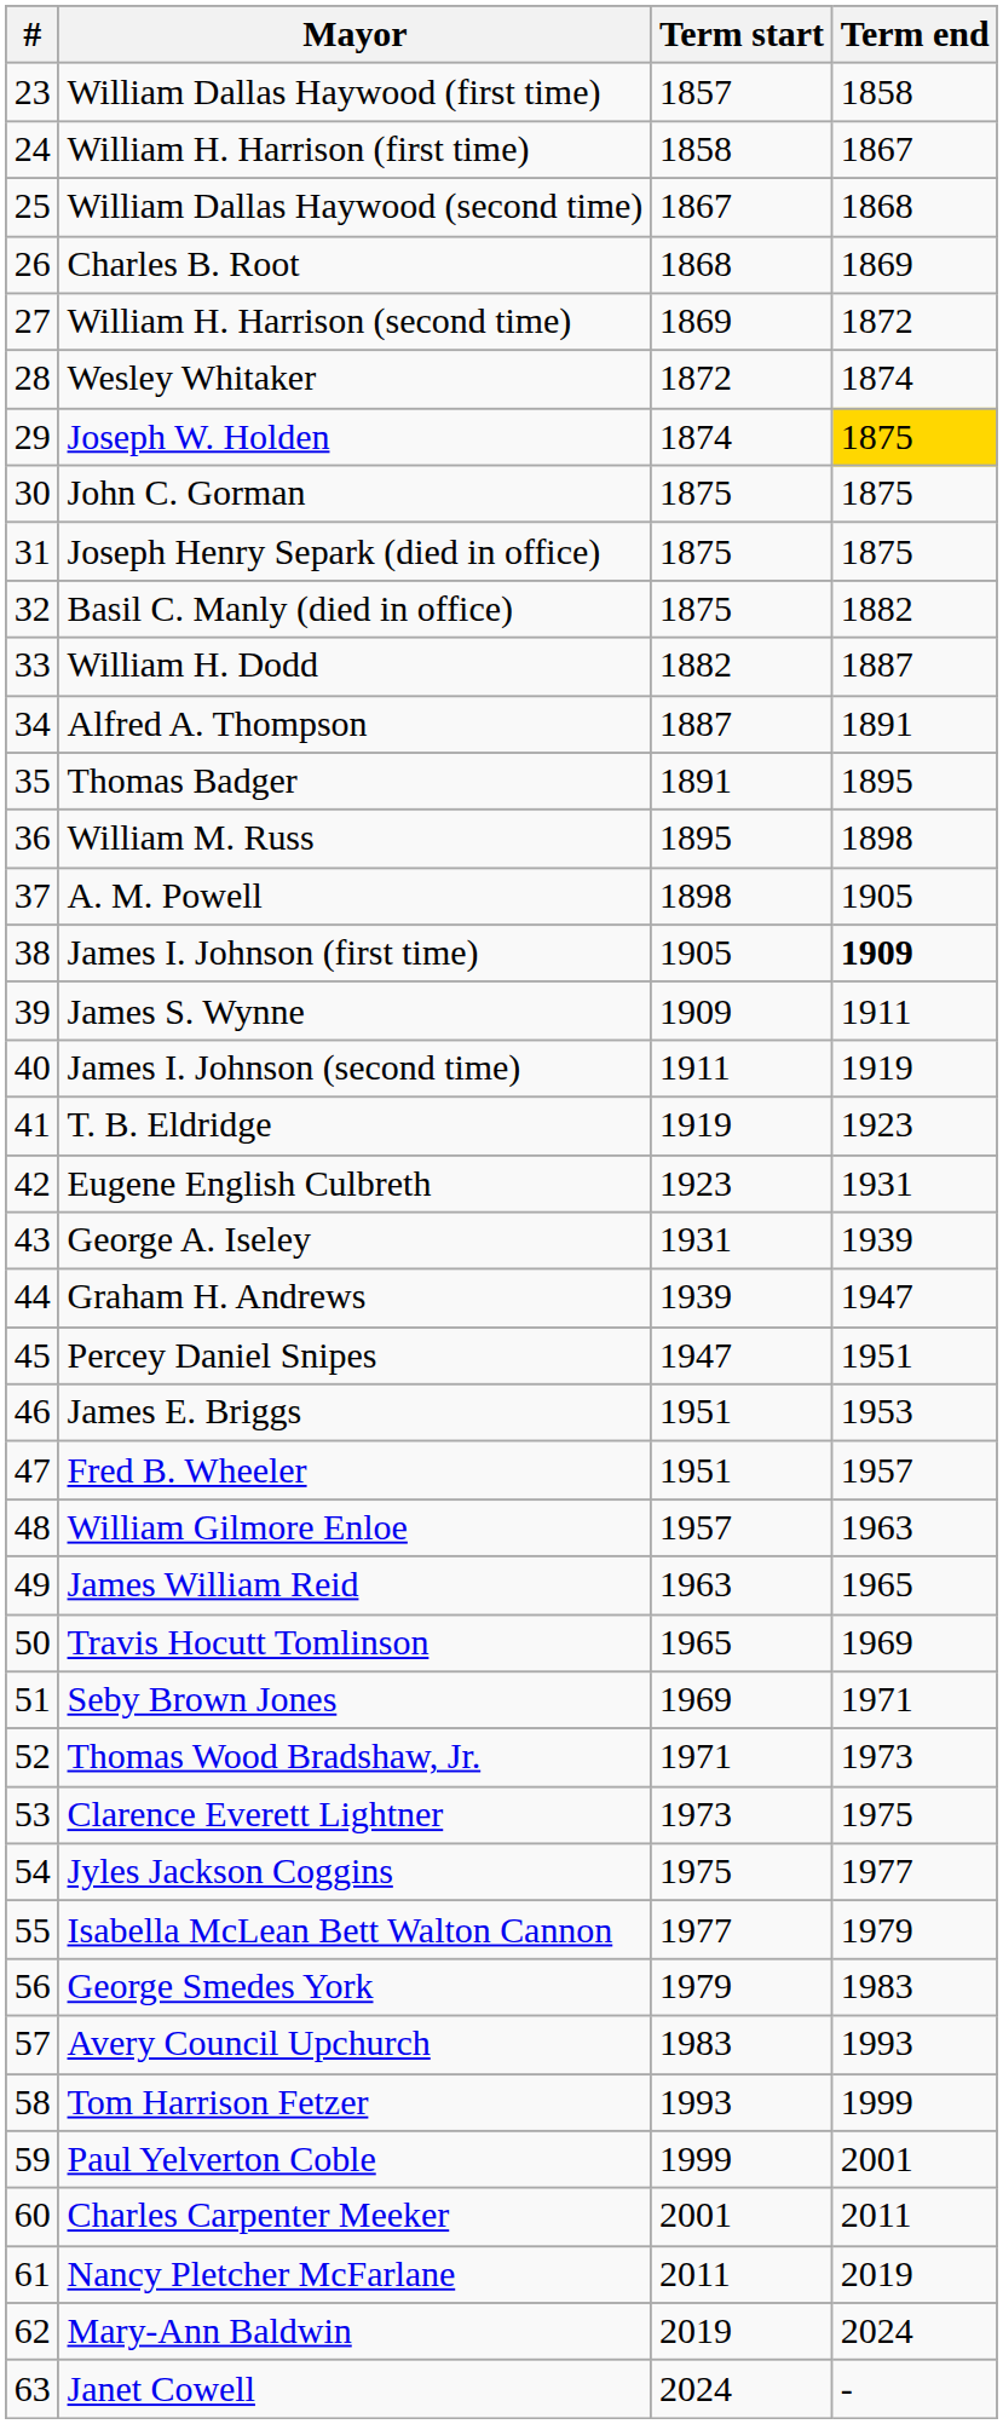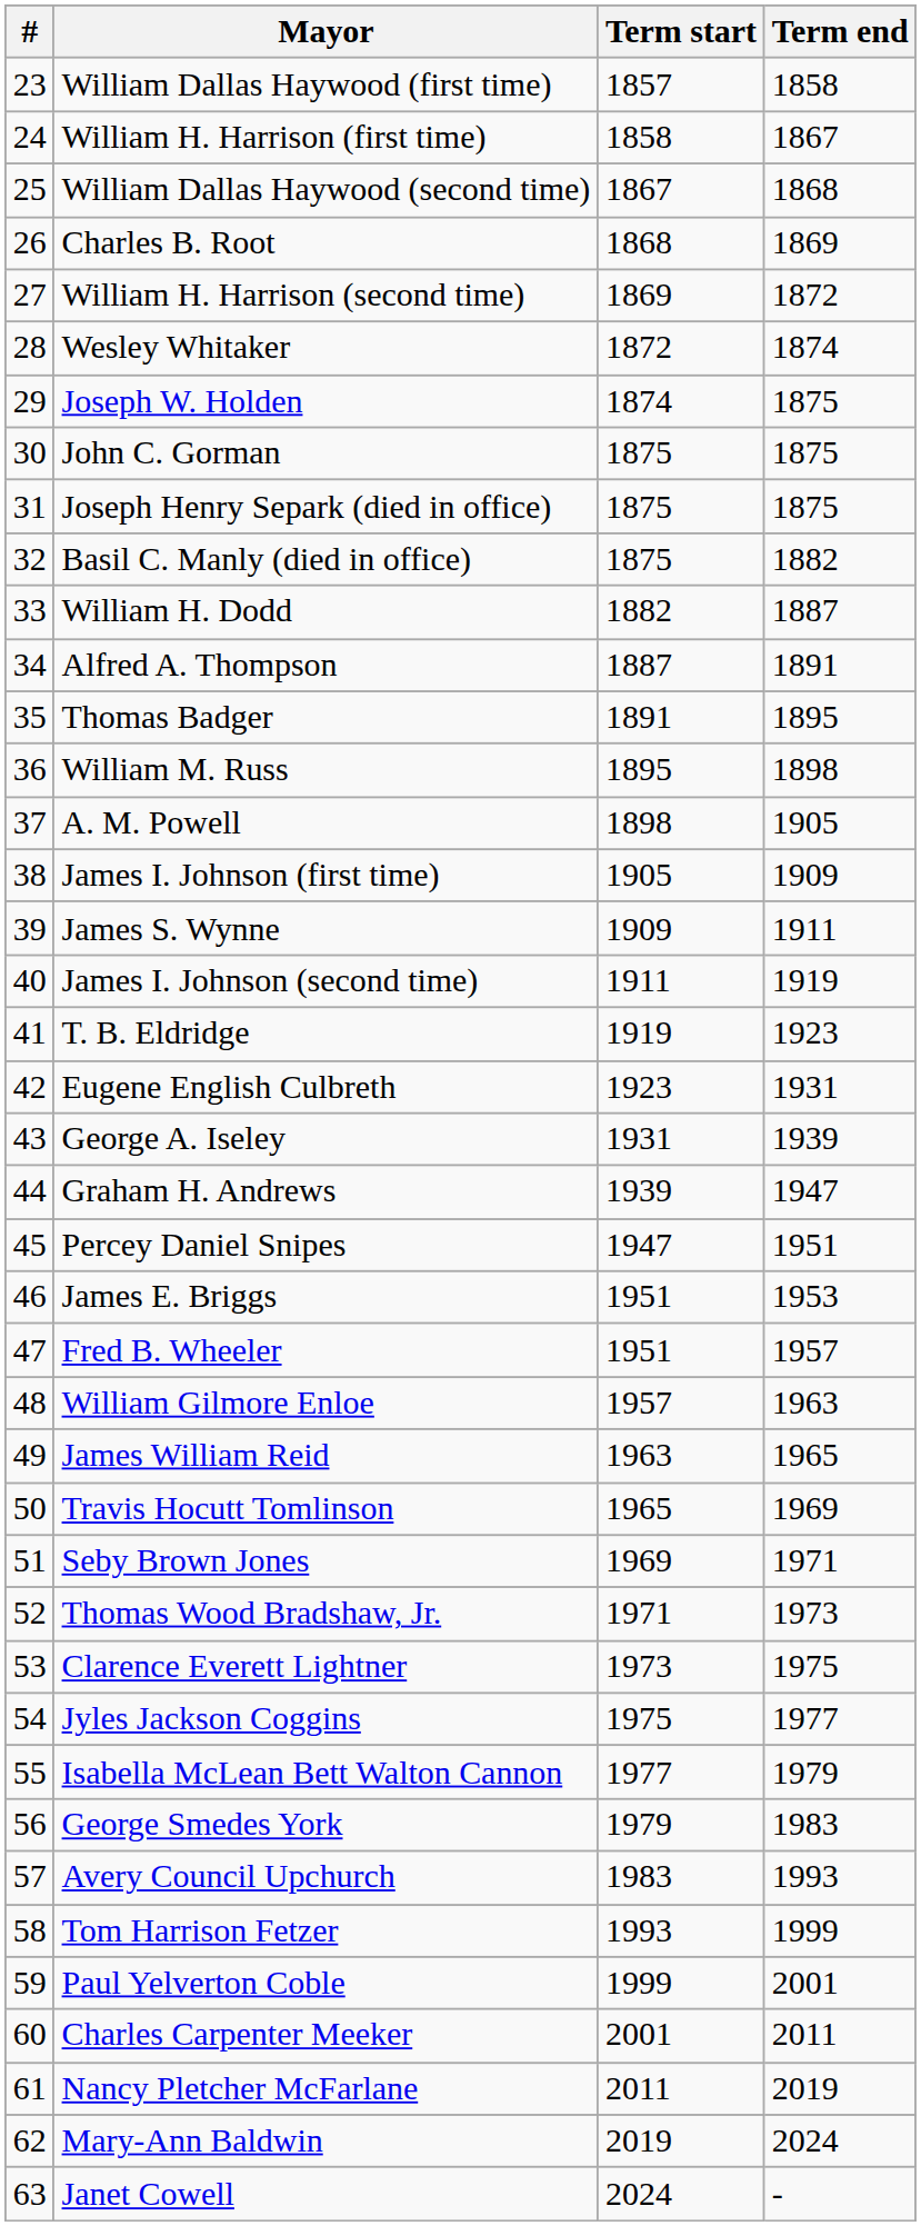 <table class="wikitable sortable">
 <tr>
 <th align=center>#</th>
 <th>Mayor</th>
 <th>Term start</th>
 <th>Term end</th>
 </tr>
 <tr>
 <td>23</td>
 <td>William Dallas Haywood (first time)</td>
 <td>1857</td>
 <td>1858</td>
 </tr>
 <tr>
 <td>24</td>
 <td>William H. Harrison (first time)</td>
 <td>1858</td>
 <td>1867</td>
 </tr>
 <tr>
 <td>25</td>
 <td>William Dallas Haywood (second time)</td>
 <td>1867</td>
 <td>1868</td>
 </tr>
 <tr>
 <td>26</td>
 <td>Charles B. Root</td>
 <td>1868</td>
 <td>1869</td>
 </tr>
 <tr>
 <td>27</td>
 <td>William H. Harrison (second time)</td>
 <td>1869</td>
 <td>1872</td>
 </tr>
 <tr>
 <td>28</td>
 <td>Wesley Whitaker</td>
 <td>1872</td>
 <td>1874</td>
 </tr>
 <tr>
 <td>29</td>
 <td><a href='#'>Joseph W. Holden</a></td>
 <td>1874</td>
-<td style="background: gold;">1875</td>
+<td>1875</td>
 </tr>
 <tr>
 <td>30</td>
 <td>John C. Gorman</td>
 <td>1875</td>
 <td>1875</td>
 </tr>
 <tr>
 <td>31</td>
 <td>Joseph Henry Separk (died in office)</td>
 <td>1875</td>
 <td>1875</td>
 </tr>
 <tr>
 <td>32</td>
 <td>Basil C. Manly (died in office)</td>
 <td>1875</td>
 <td>1882</td>
 </tr>
 <tr>
 <td>33</td>
 <td>William H. Dodd</td>
 <td>1882</td>
 <td>1887</td>
 </tr>
 <tr>
 <td>34</td>
 <td>Alfred A. Thompson</td>
 <td>1887</td>
 <td>1891</td>
 </tr>
 <tr>
 <td>35</td>
 <td>Thomas Badger</td>
 <td>1891</td>
 <td>1895</td>
 </tr>
 <tr>
 <td>36</td>
 <td>William M. Russ</td>
 <td>1895</td>
 <td>1898</td>
 </tr>
 <tr>
 <td>37</td>
 <td>A. M. Powell</td>
 <td>1898</td>
 <td>1905</td>
 </tr>
 <tr>
 <td>38</td>
 <td>James I. Johnson (first time)</td>
 <td>1905</td>
-<td><strong>1909</strong></td>
+<td>1909</td>
 </tr>
 <tr>
 <td>39</td>
 <td>James S. Wynne</td>
 <td>1909</td>
 <td>1911</td>
 </tr>
 <tr>
 <td>40</td>
 <td>James I. Johnson (second time)</td>
 <td>1911</td>
 <td>1919</td>
 </tr>
 <tr>
 <td>41</td>
 <td>T. B. Eldridge</td>
 <td>1919</td>
 <td>1923</td>
 </tr>
 <tr>
 <td>42</td>
 <td>Eugene English Culbreth</td>
 <td>1923</td>
 <td>1931</td>
 </tr>
 <tr>
 <td>43</td>
 <td>George A. Iseley</td>
 <td>1931</td>
 <td>1939</td>
 </tr>
 <tr>
 <td>44</td>
 <td>Graham H. Andrews</td>
 <td>1939</td>
 <td>1947</td>
 </tr>
 <tr>
 <td>45</td>
 <td>Percey Daniel Snipes</td>
 <td>1947</td>
 <td>1951</td>
 </tr>
 <tr>
 <td>46</td>
 <td>James E. Briggs</td>
 <td>1951</td>
 <td>1953</td>
 </tr>
 <tr>
 <td>47</td>
 <td><a href='#'>Fred B. Wheeler</a></td>
 <td>1951</td>
 <td>1957</td>
 </tr>
 <tr>
 <td>48</td>
 <td><a href='#'>William Gilmore Enloe</a></td>
 <td>1957</td>
 <td>1963</td>
 </tr>
 <tr>
 <td>49</td>
 <td><a href='#'>James William Reid</a></td>
 <td>1963</td>
 <td>1965</td>
 </tr>
 <tr>
 <td>50</td>
 <td><a href='#'>Travis Hocutt Tomlinson</a></td>
 <td>1965</td>
 <td>1969</td>
 </tr>
 <tr>
 <td>51</td>
 <td><a href='#'>Seby Brown Jones</a></td>
 <td>1969</td>
 <td>1971</td>
 </tr>
 <tr>
 <td>52</td>
 <td><a href='#'>Thomas Wood Bradshaw, Jr.</a></td>
 <td>1971</td>
 <td>1973</td>
 </tr>
 <tr>
 <td>53</td>
 <td><a href='#'>Clarence Everett Lightner</a></td>
 <td>1973</td>
 <td>1975</td>
 </tr>
 <tr>
 <td>54</td>
 <td><a href='#'>Jyles Jackson Coggins</a></td>
 <td>1975</td>
 <td>1977</td>
 </tr>
 <tr>
 <td>55</td>
 <td><a href='#'>Isabella McLean Bett Walton Cannon</a></td>
 <td>1977</td>
 <td>1979</td>
 </tr>
 <tr>
 <td>56</td>
 <td><a href='#'>George Smedes York</a></td>
 <td>1979</td>
 <td>1983</td>
 </tr>
 <tr>
 <td>57</td>
 <td><a href='#'>Avery Council Upchurch</a></td>
 <td>1983</td>
 <td>1993</td>
 </tr>
 <tr>
 <td>58</td>
 <td><a href='#'>Tom Harrison Fetzer</a></td>
 <td>1993</td>
 <td>1999</td>
 </tr>
 <tr>
 <td>59</td>
 <td><a href='#'>Paul Yelverton Coble</a></td>
 <td>1999</td>
 <td>2001</td>
 </tr>
 <tr>
 <td>60</td>
 <td><a href='#'>Charles Carpenter Meeker</a></td>
 <td>2001</td>
 <td>2011</td>
 </tr>
 <tr>
 <td>61</td>
 <td><a href='#'>Nancy Pletcher McFarlane</a></td>
 <td>2011</td>
 <td>2019</td>
 </tr>
 <tr>
 <td>62</td>
 <td><a href='#'>Mary-Ann Baldwin</a></td>
 <td>2019</td>
 <td>2024</td>
 </tr>
 <tr>
 <td>63</td>
 <td><a href='#'>Janet Cowell</a></td>
 <td>2024</td>
 <td>-</td>
 </tr>
 </table>
